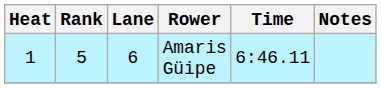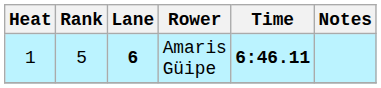 <table class="wikitable" style="text-align:center">
 <tr>
 <th>Heat</th>
 <th>Rank</th>
 <th>Lane</th>
 <th>Rower</th>
 <th>Time</th>
 <th>Notes</th>
 </tr>
 <tr bgcolor=bbf3ff>
 <td>1</td>
 <td>5</td>
-<td>6</td>
+<td><strong>6</strong></td>
 <td align=left>Amaris<br>Güipe</td>
-<td>6:46.11</td>
+<td><strong>6:46.11</strong></td>
 <td></td>
 </tr>
 <tr>
 </tr>
 </table>
